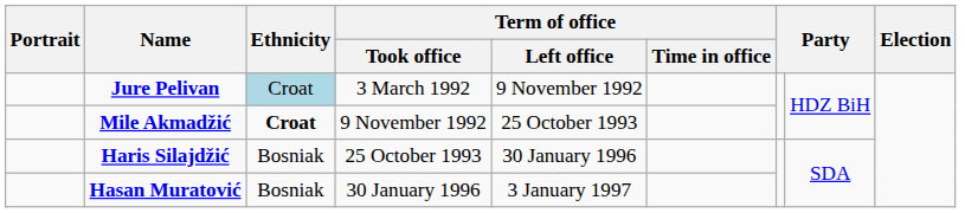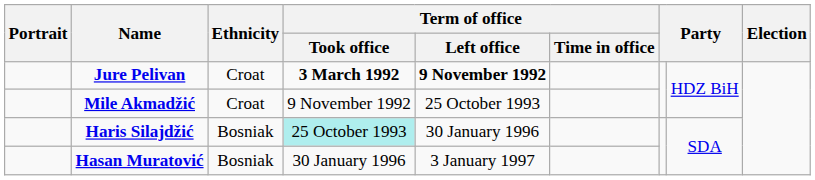 <table class="wikitable sortable" style="text-align: center;font-size:90%; border:1px #AAAAFF solid">
 <tr>
 <th rowspan=2>Portrait</th>
 <th rowspan=2>Name<br></th>
 <th rowspan=2>Ethnicity</th>
 <th colspan=3>Term of office</th>
 <th rowspan=2 colspan=2>Party</th>
 <th rowspan=2>Election</th>
 </tr>
 <tr>
 <th>Took office</th>
 <th>Left office</th>
 <th>Time in office</th>
 </tr>
 <tr>
 <td></td>
 <td><strong><a href='#'>Jure Pelivan</a></strong><br></td>
-<td style="background: lightblue;">Croat</td>
-<td>3 March 1992</td>
-<td>9 November 1992<br></td>
+<td>Croat</td>
+<td><strong>3 March 1992</strong></td>
+<td><strong>9 November 1992<br></strong></td>
 <td></td>
 <td rowspan=2 style="background:"></td>
 <td rowspan=2><a href='#'>HDZ BiH</a></td>
 <td rowspan=4></td>
 </tr>
 <tr>
 <td></td>
 <td><strong><a href='#'>Mile Akmadžić</a></strong><br></td>
-<td><strong>Croat</strong></td>
+<td>Croat</td>
 <td>9 November 1992</td>
 <td>25 October 1993</td>
 <td></td>
 </tr>
 <tr>
 <td></td>
 <td><strong><a href='#'>Haris Silajdžić</a></strong><br></td>
 <td>Bosniak</td>
-<td>25 October 1993</td>
+<td style="background: paleturquoise;">25 October 1993</td>
 <td>30 January 1996</td>
 <td></td>
 <td rowspan=2 style="background:"></td>
 <td rowspan=2><a href='#'>SDA</a></td>
 </tr>
 <tr>
 <td></td>
 <td><strong><a href='#'>Hasan Muratović</a></strong><br></td>
 <td>Bosniak</td>
 <td>30 January 1996</td>
 <td>3 January 1997</td>
 <td></td>
 </tr>
 </table>
